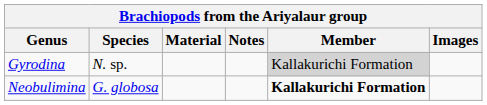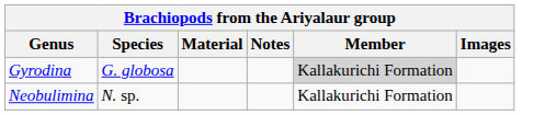 <table class="wikitable" align="center">
 <tr>
 <th colspan="6" align="center"><strong><a href='#'>Brachiopods</a> from the Ariyalaur group</strong></th>
 </tr>
 <tr>
 <th>Genus</th>
 <th>Species</th>
 <th>Material</th>
 <th>Notes</th>
 <th>Member</th>
 <th>Images</th>
 </tr>
 <tr>
 <td><em><a href='#'>Gyrodina</a></em></td>
-<td><em>N.</em> sp.</td>
+<td><em><a href='#'>G. globosa</a></em></td>
 <td></td>
 <td></td>
 <td style="background: lightgrey;">Kallakurichi Formation</td>
 <td></td>
 </tr>
 <tr>
 <td><em><a href='#'>Neobulimina</a></em></td>
-<td><em><a href='#'>G. globosa</a></em></td>
+<td><em>N.</em> sp.</td>
 <td></td>
 <td></td>
-<td><strong>Kallakurichi Formation</strong></td>
+<td>Kallakurichi Formation</td>
 <td></td>
 </tr>
 </table>
